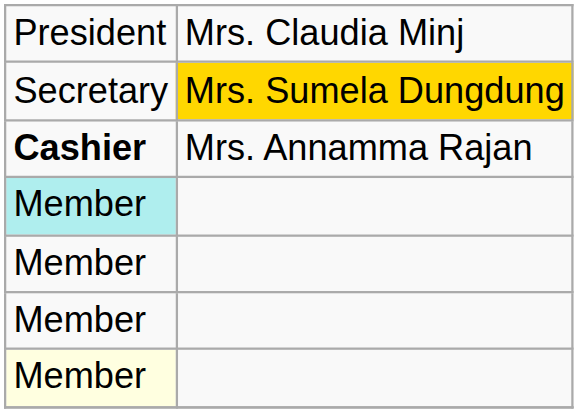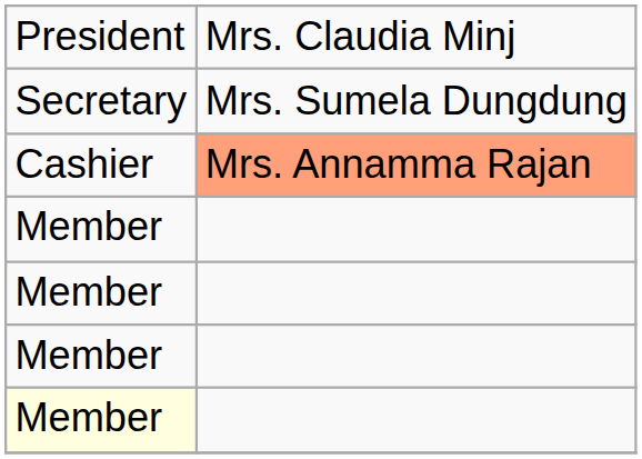 <table class="wikitable">
 <tr>
 <td>President</td>
 <td>Mrs. Claudia Minj</td>
 </tr>
 <tr>
 <td>Secretary</td>
-<td style="background: gold;">Mrs. Sumela Dungdung</td>
+<td>Mrs. Sumela Dungdung</td>
 </tr>
 <tr>
-<td><strong>Cashier</strong></td>
-<td>Mrs. Annamma Rajan</td>
+<td>Cashier</td>
+<td style="background: lightsalmon;">Mrs. Annamma Rajan</td>
 </tr>
 <tr>
-<td style="background: paleturquoise;">Member</td>
+<td>Member</td>
 <td></td>
 </tr>
 <tr>
 <td>Member</td>
 <td></td>
 </tr>
 <tr>
 <td>Member</td>
 <td></td>
 </tr>
 <tr>
 <td style="background: lightyellow;">Member</td>
 <td></td>
 </tr>
 <tr>
 </tr>
 </table>
